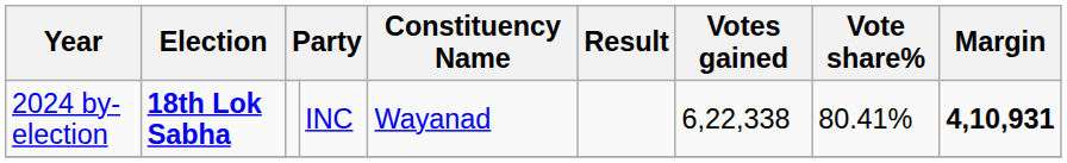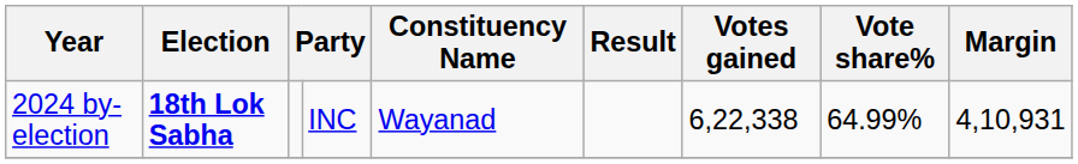 <table class="wikitable">
 <tr>
 <th>Year</th>
 <th>Election</th>
 <th colspan="2">Party</th>
 <th>Constituency Name</th>
 <th>Result</th>
 <th>Votes gained</th>
 <th>Vote share%</th>
 <th>Margin</th>
 </tr>
 <tr>
 <td><a href='#'>2024 by-election</a></td>
 <td><strong><a href='#'>18th Lok Sabha</a></strong></td>
 <td style="background-color: "></td>
 <td><a href='#'>INC</a> </td>
 <td><a href='#'>Wayanad</a></td>
 <td></td>
 <td>6,22,338</td>
-<td>80.41%</td>
-<td><strong>4,10,931</strong></td>
+<td>64.99%</td>
+<td>4,10,931</td>
 </tr>
 <tr>
 </tr>
 </table>
